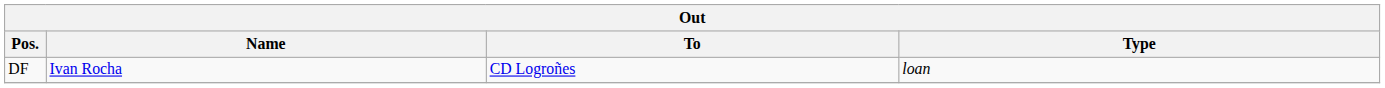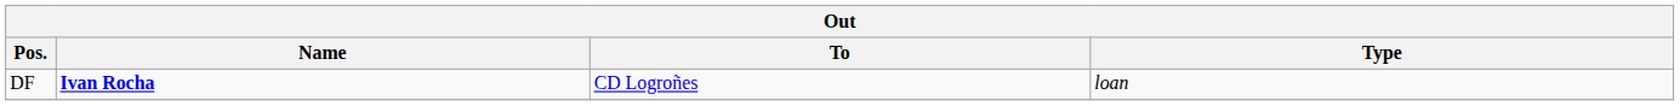 <table class="wikitable" style="font-size:90%;width:99%;">
 <tr>
 <th colspan="4">Out</th>
 </tr>
 <tr>
 <th width=3%>Pos.</th>
 <th width=32%>Name</th>
 <th width=30%>To</th>
 <th width=35%>Type</th>
 </tr>
 <tr>
 <td>DF</td>
-<td><a href='#'>Ivan Rocha</a></td>
+<td><strong><a href='#'>Ivan Rocha</a></strong></td>
 <td><a href='#'>CD Logroñes</a></td>
 <td><em>loan</em></td>
 </tr>
 <tr>
 </tr>
 </table>
